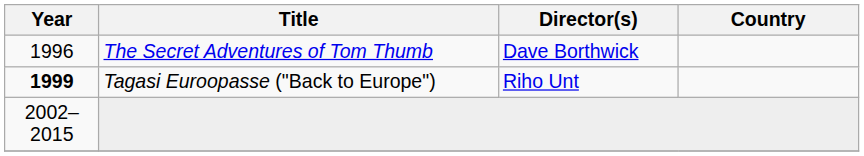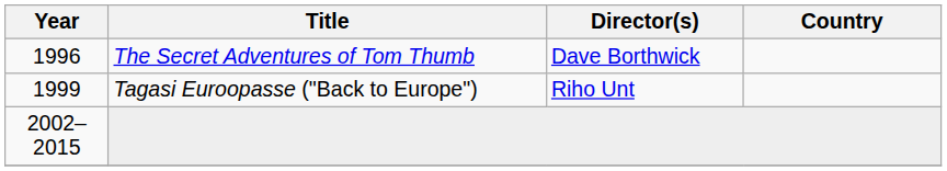 <table class="wikitable">
 <tr>
 <th width="70"><strong>Year</strong></th>
 <th width="320"><strong>Title</strong></th>
 <th width="140"><strong>Director(s)</strong></th>
 <th width="140"><strong>Country</strong></th>
 </tr>
 <tr>
 <td style="text-align:center;">1996</td>
 <td><em><a href='#'>The Secret Adventures of Tom Thumb</a></em></td>
 <td><a href='#'>Dave Borthwick</a></td>
 <td></td>
 </tr>
 <tr>
-<td style="text-align:center;"><strong>1999</strong></td>
+<td style="text-align:center;">1999</td>
 <td><em>Tagasi Euroopasse</em> ("Back to Europe")</td>
 <td><a href='#'>Riho Unt</a></td>
 <td></td>
 </tr>
 <tr>
 <td style="text-align:center;">2002–2015</td>
 <td colspan="3" bgcolor=#EEEEEE></td>
 </tr>
 <tr>
 </tr>
 </table>
